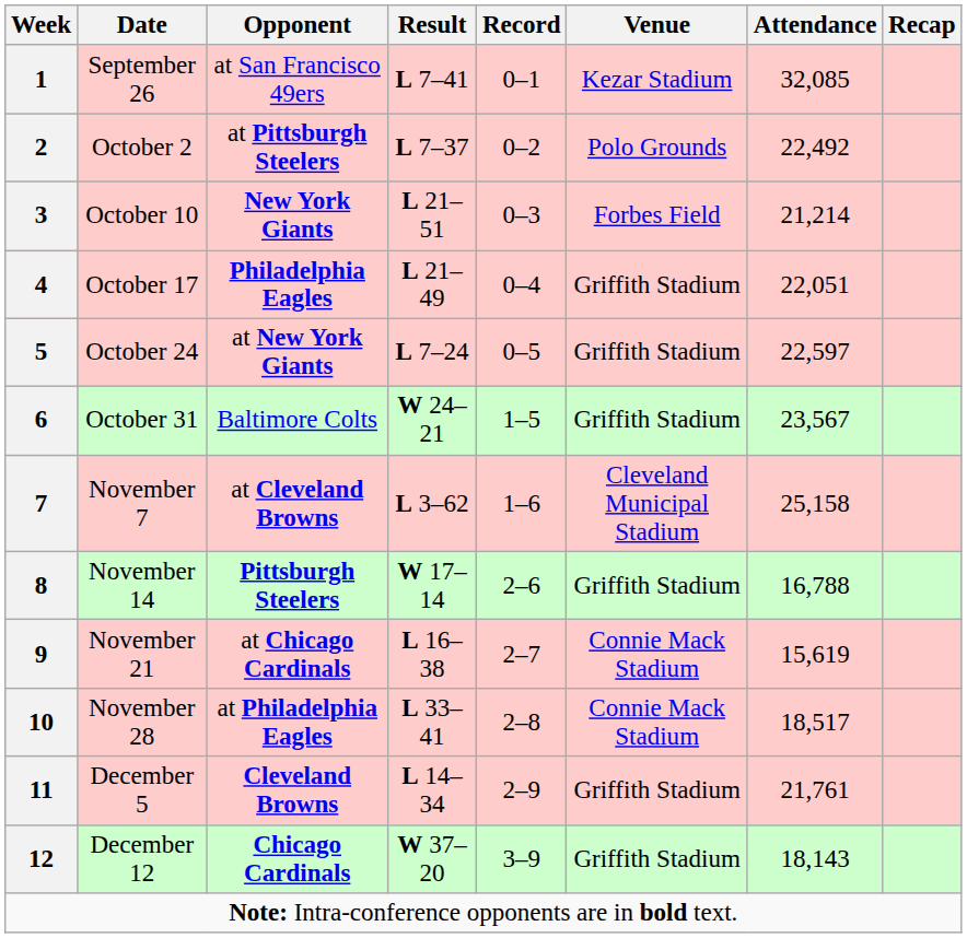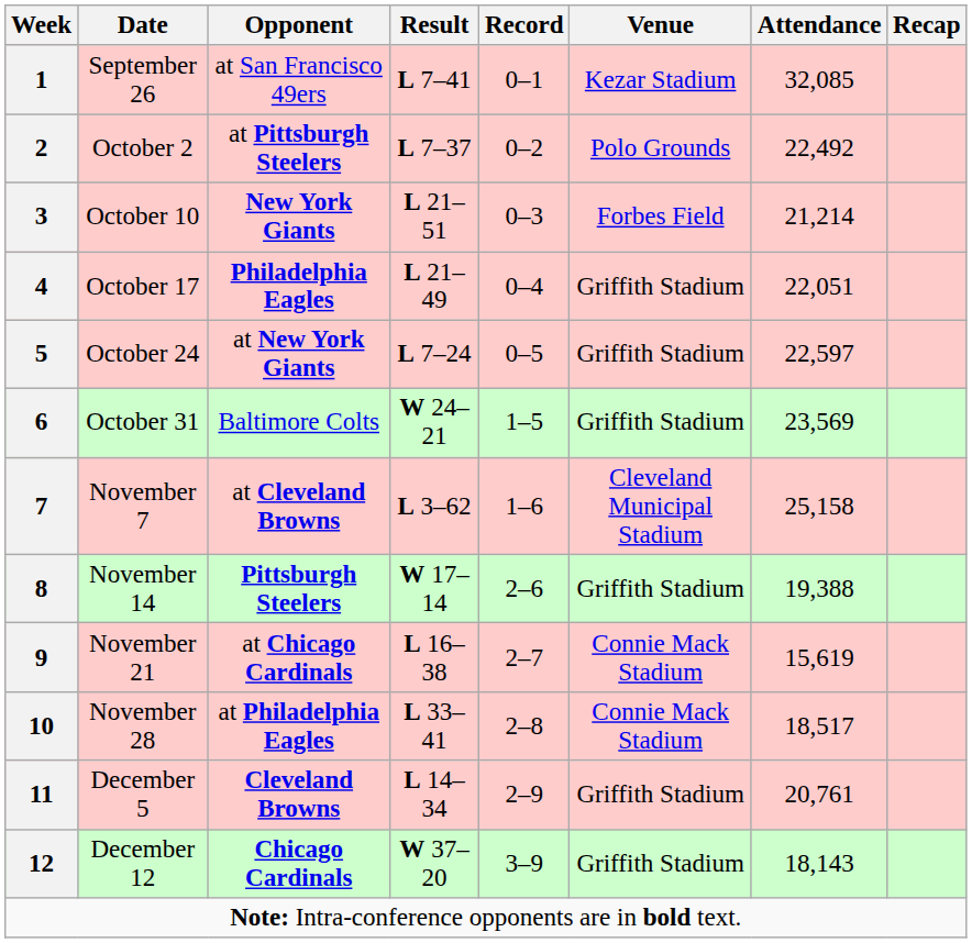 <table class="wikitable" style="text-align:center">
 <tr>
 <th>Week</th>
 <th>Date</th>
 <th>Opponent</th>
 <th>Result</th>
 <th>Record</th>
 <th>Venue</th>
 <th>Attendance</th>
 <th>Recap</th>
 </tr>
 <tr style="background:#fcc">
 <th>1</th>
 <td>September 26</td>
 <td>at <a href='#'>San Francisco 49ers</a></td>
 <td><strong>L</strong> 7–41</td>
 <td>0–1</td>
 <td><a href='#'>Kezar Stadium</a></td>
 <td>32,085</td>
 <td></td>
 </tr>
 <tr style="background:#fcc">
 <th>2</th>
 <td>October 2</td>
 <td>at <strong><a href='#'>Pittsburgh Steelers</a></strong></td>
 <td><strong>L</strong> 7–37</td>
 <td>0–2</td>
 <td><a href='#'>Polo Grounds</a></td>
 <td>22,492</td>
 <td></td>
 </tr>
 <tr style="background:#fcc">
 <th>3</th>
 <td>October 10</td>
 <td><strong><a href='#'>New York Giants</a></strong></td>
 <td><strong>L</strong> 21–51</td>
 <td>0–3</td>
 <td><a href='#'>Forbes Field</a></td>
 <td>21,214</td>
 <td></td>
 </tr>
 <tr style="background:#fcc">
 <th>4</th>
 <td>October 17</td>
 <td><strong><a href='#'>Philadelphia Eagles</a></strong></td>
 <td><strong>L</strong> 21–49</td>
 <td>0–4</td>
 <td>Griffith Stadium</td>
 <td>22,051</td>
 <td></td>
 </tr>
 <tr style="background:#fcc">
 <th>5</th>
 <td>October 24</td>
 <td>at <strong><a href='#'>New York Giants</a></strong></td>
 <td><strong>L</strong> 7–24</td>
 <td>0–5</td>
 <td>Griffith Stadium</td>
 <td>22,597</td>
 <td></td>
 </tr>
 <tr style="background:#cfc">
 <th>6</th>
 <td>October 31</td>
 <td><a href='#'>Baltimore Colts</a></td>
 <td><strong>W</strong> 24–21</td>
 <td>1–5</td>
 <td>Griffith Stadium</td>
-<td>23,567</td>
+<td>23,569</td>
 <td></td>
 </tr>
 <tr style="background:#fcc">
 <th>7</th>
 <td>November 7</td>
 <td>at <strong><a href='#'>Cleveland Browns</a></strong></td>
 <td><strong>L</strong> 3–62</td>
 <td>1–6</td>
 <td><a href='#'>Cleveland Municipal Stadium</a></td>
 <td>25,158</td>
 <td></td>
 </tr>
 <tr style="background:#cfc">
 <th>8</th>
 <td>November 14</td>
 <td><strong><a href='#'>Pittsburgh Steelers</a></strong></td>
 <td><strong>W</strong> 17–14</td>
 <td>2–6</td>
 <td>Griffith Stadium</td>
-<td>16,788</td>
+<td>19,388</td>
 <td></td>
 </tr>
 <tr style="background:#fcc">
 <th>9</th>
 <td>November 21</td>
 <td>at <strong><a href='#'>Chicago Cardinals</a></strong></td>
 <td><strong>L</strong> 16–38</td>
 <td>2–7</td>
 <td><a href='#'>Connie Mack Stadium</a></td>
 <td>15,619</td>
 <td></td>
 </tr>
 <tr style="background:#fcc">
 <th>10</th>
 <td>November 28</td>
 <td>at <strong><a href='#'>Philadelphia Eagles</a></strong></td>
 <td><strong>L</strong> 33–41</td>
 <td>2–8</td>
 <td><a href='#'>Connie Mack Stadium</a></td>
 <td>18,517</td>
 <td></td>
 </tr>
 <tr style="background:#fcc">
 <th>11</th>
 <td>December 5</td>
 <td><strong><a href='#'>Cleveland Browns</a></strong></td>
 <td><strong>L</strong> 14–34</td>
 <td>2–9</td>
 <td>Griffith Stadium</td>
-<td>21,761</td>
+<td>20,761</td>
 <td></td>
 </tr>
 <tr style="background:#cfc">
 <th>12</th>
 <td>December 12</td>
 <td><strong><a href='#'>Chicago Cardinals</a></strong></td>
 <td><strong>W</strong> 37–20</td>
 <td>3–9</td>
 <td>Griffith Stadium</td>
 <td>18,143</td>
 <td></td>
 </tr>
 <tr>
 <td colspan="8"><strong>Note:</strong> Intra-conference opponents are in <strong>bold</strong> text.</td>
 </tr>
 </table>
